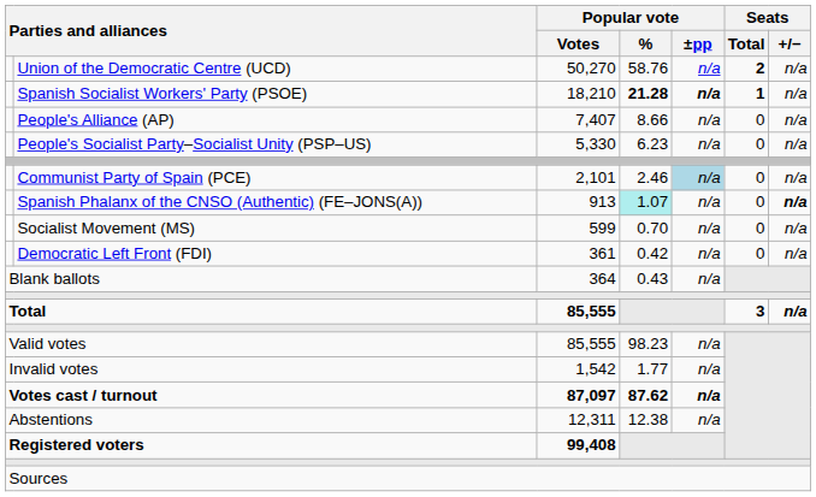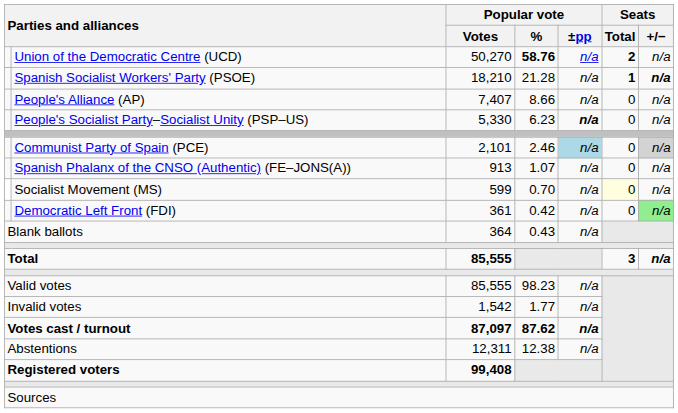 <table class="wikitable" style="text-align:right;">
 <tr>
 <th style="text-align:left;" rowspan="2" colspan="2" width="525">Parties and alliances</th>
 <th colspan="3">Popular vote</th>
 <th colspan="2">Seats</th>
 </tr>
 <tr>
 <th width="75">Votes</th>
 <th width="45">%</th>
 <th width="45">±<a href='#'>pp</a></th>
 <th width="35">Total</th>
 <th width="35">+/−</th>
 </tr>
 <tr>
 <td width="1" style="color:inherit;background:"></td>
 <td align="left"><a href='#'>Union of the Democratic Centre</a> (UCD)</td>
 <td>50,270</td>
-<td>58.76</td>
+<td><strong>58.76</strong></td>
 <td><em><a href='#'>n/a</a></em></td>
 <td><strong>2</strong></td>
 <td><em>n/a</em></td>
 </tr>
 <tr>
 <td style="color:inherit;background:"></td>
 <td align="left"><a href='#'>Spanish Socialist Workers' Party</a> (PSOE)</td>
 <td>18,210</td>
-<td><strong>21.28</strong></td>
+<td>21.28</td>
+<td><em>n/a</em></td>
+<td><strong>1</strong></td>
 <td><strong><em>n/a</em></strong></td>
-<td><strong>1</strong></td>
-<td><em>n/a</em></td>
 </tr>
 <tr>
 <td style="color:inherit;background:"></td>
 <td align="left"><a href='#'>People's Alliance</a> (AP)</td>
 <td>7,407</td>
 <td>8.66</td>
 <td><em>n/a</em></td>
 <td>0</td>
 <td><em>n/a</em></td>
 </tr>
 <tr>
 <td style="color:inherit;background:"></td>
 <td align="left"><a href='#'>People's Socialist Party</a>–<a href='#'>Socialist Unity</a> (PSP–US)</td>
 <td>5,330</td>
 <td>6.23</td>
-<td><em>n/a</em></td>
+<td><strong><em>n/a</em></strong></td>
 <td>0</td>
 <td><em>n/a</em></td>
 </tr>
 <tr>
 <td colspan="7" bgcolor="#C0C0C0"></td>
 </tr>
 <tr>
 <td style="color:inherit;background:"></td>
 <td align="left"><a href='#'>Communist Party of Spain</a> (PCE)</td>
 <td>2,101</td>
 <td>2.46</td>
 <td style="background: lightblue;"><em>n/a</em></td>
 <td>0</td>
-<td><em>n/a</em></td>
+<td style="background: lightgrey;"><em>n/a</em></td>
 </tr>
 <tr>
 <td style="color:inherit;background:"></td>
 <td align="left"><a href='#'>Spanish Phalanx of the CNSO (Authentic)</a> (FE–JONS(A))</td>
 <td>913</td>
-<td style="background: paleturquoise;">1.07</td>
+<td>1.07</td>
 <td><em>n/a</em></td>
 <td>0</td>
-<td><strong><em>n/a</em></strong></td>
+<td><em>n/a</em></td>
 </tr>
 <tr>
 <td bgcolor="white"></td>
 <td align="left">Socialist Movement (MS)</td>
 <td>599</td>
 <td>0.70</td>
 <td><em>n/a</em></td>
-<td>0</td>
+<td style="background: lightyellow;">0</td>
 <td><em>n/a</em></td>
 </tr>
 <tr>
 <td style="color:inherit;background:"></td>
 <td align="left"><a href='#'>Democratic Left Front</a> (FDI)</td>
 <td>361</td>
 <td>0.42</td>
 <td><em>n/a</em></td>
 <td>0</td>
-<td><em>n/a</em></td>
+<td style="background: lightgreen;"><em>n/a</em></td>
 </tr>
 <tr>
 <td align="left" colspan="2">Blank ballots</td>
 <td>364</td>
 <td>0.43</td>
 <td><em>n/a</em></td>
 <td bgcolor="#E9E9E9" colspan="2"></td>
 </tr>
 <tr>
 <td colspan="7" bgcolor="#E9E9E9"></td>
 </tr>
 <tr style="font-weight:bold;">
 <td align="left" colspan="2">Total</td>
 <td>85,555</td>
 <td bgcolor="#E9E9E9" colspan="2"></td>
 <td>3</td>
 <td><em>n/a</em></td>
 </tr>
 <tr>
 <td colspan="7" bgcolor="#E9E9E9"></td>
 </tr>
 <tr>
 <td align="left" colspan="2">Valid votes</td>
 <td>85,555</td>
 <td>98.23</td>
 <td><em>n/a</em></td>
 <td bgcolor="#E9E9E9" colspan="2" rowspan="5"></td>
 </tr>
 <tr>
 <td align="left" colspan="2">Invalid votes</td>
 <td>1,542</td>
 <td>1.77</td>
 <td><em>n/a</em></td>
 </tr>
 <tr style="font-weight:bold;">
 <td align="left" colspan="2">Votes cast / turnout</td>
 <td>87,097</td>
 <td>87.62</td>
 <td><em>n/a</em></td>
 </tr>
 <tr>
 <td align="left" colspan="2">Abstentions</td>
 <td>12,311</td>
 <td>12.38</td>
 <td><em>n/a</em></td>
 </tr>
 <tr style="font-weight:bold;">
 <td align="left" colspan="2">Registered voters</td>
 <td>99,408</td>
 <td bgcolor="#E9E9E9" colspan="2"></td>
 </tr>
 <tr>
 <td colspan="7" bgcolor="#E9E9E9"></td>
 </tr>
 <tr>
 <td align="left" colspan="7">Sources</td>
 </tr>
 </table>
